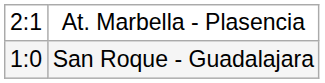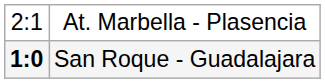 <table class="wikitable">
 <tr align=center bgcolor=white>
 <td>2:1</td>
 <td>At. Marbella - Plasencia</td>
 </tr>
 <tr align=center bgcolor=#F5F5F5>
-<td>1:0</td>
+<td><strong>1:0</strong></td>
 <td>San Roque - Guadalajara</td>
 </tr>
 </table>
